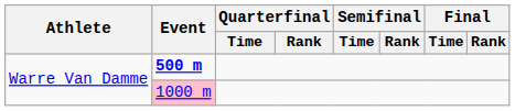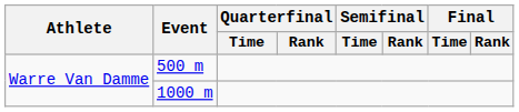 <table class="wikitable" style="font-size:90%">
 <tr>
 <th rowspan=2>Athlete</th>
 <th rowspan=2>Event</th>
 <th colspan=2>Quarterfinal</th>
 <th colspan=2>Semifinal</th>
 <th colspan=2>Final</th>
 </tr>
 <tr style="font-size:95%">
 <th>Time</th>
 <th>Rank</th>
 <th>Time</th>
 <th>Rank</th>
 <th>Time</th>
 <th>Rank</th>
 </tr>
 <tr align=center>
 <td align=left rowspan=2><a href='#'>Warre Van Damme</a></td>
-<td align=left><strong><a href='#'>500 m</a></strong></td>
+<td align=left><a href='#'>500 m</a></td>
 <td colspan="6"></td>
 </tr>
 <tr align=center>
-<td align=left style="background: pink;"><a href='#'>1000 m</a></td>
+<td align=left><a href='#'>1000 m</a></td>
 <td colspan="6"></td>
 </tr>
 </table>
